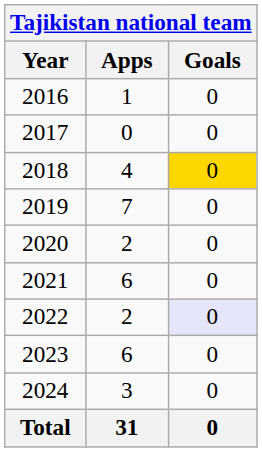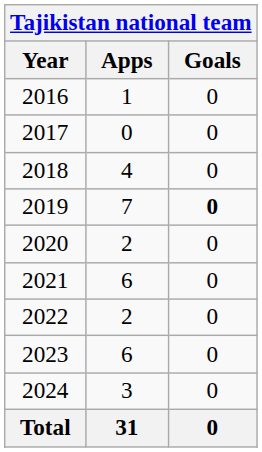 <table class="wikitable" style="text-align:center">
 <tr>
 <th colspan=3><a href='#'>Tajikistan national team</a></th>
 </tr>
 <tr>
 <th>Year</th>
 <th>Apps</th>
 <th>Goals</th>
 </tr>
 <tr>
 <td>2016</td>
 <td>1</td>
 <td>0</td>
 </tr>
 <tr>
 <td>2017</td>
 <td>0</td>
 <td>0</td>
 </tr>
 <tr>
 <td>2018</td>
 <td>4</td>
-<td style="background: gold;">0</td>
+<td>0</td>
 </tr>
 <tr>
 <td>2019</td>
 <td>7</td>
-<td>0</td>
+<td><strong>0</strong></td>
 </tr>
 <tr>
 <td>2020</td>
 <td>2</td>
 <td>0</td>
 </tr>
 <tr>
 <td>2021</td>
 <td>6</td>
 <td>0</td>
 </tr>
 <tr>
 <td>2022</td>
 <td>2</td>
-<td style="background: lavender;">0</td>
+<td>0</td>
 </tr>
 <tr>
 <td>2023</td>
 <td>6</td>
 <td>0</td>
 </tr>
 <tr>
 <td>2024</td>
 <td>3</td>
 <td>0</td>
 </tr>
 <tr>
 <th>Total</th>
 <th>31</th>
 <th>0</th>
 </tr>
 </table>
